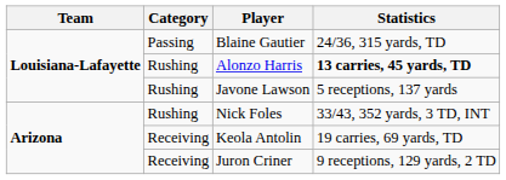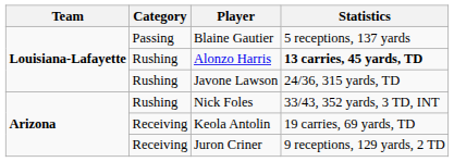 <table class="wikitable" style="float: right;">
 <tr>
 <th>Team</th>
 <th>Category</th>
 <th>Player</th>
 <th>Statistics</th>
 </tr>
 <tr>
 <td rowspan=3><strong>Louisiana-Lafayette</strong></td>
 <td>Passing</td>
 <td>Blaine Gautier</td>
-<td>24/36, 315 yards, TD</td>
+<td>5 receptions, 137 yards</td>
 </tr>
 <tr>
 <td>Rushing</td>
 <td><a href='#'>Alonzo Harris</a></td>
 <td><strong>13 carries, 45 yards, TD</strong></td>
 </tr>
 <tr>
 <td>Rushing</td>
 <td>Javone Lawson</td>
-<td>5 receptions, 137 yards</td>
+<td>24/36, 315 yards, TD</td>
 </tr>
 <tr>
 <td rowspan=3><strong>Arizona</strong></td>
 <td>Rushing</td>
 <td>Nick Foles</td>
 <td>33/43, 352 yards, 3 TD, INT</td>
 </tr>
 <tr>
 <td>Receiving</td>
 <td>Keola Antolin</td>
 <td>19 carries, 69 yards, TD</td>
 </tr>
 <tr>
 <td>Receiving</td>
 <td>Juron Criner</td>
 <td>9 receptions, 129 yards, 2 TD</td>
 </tr>
 </table>
